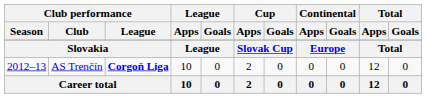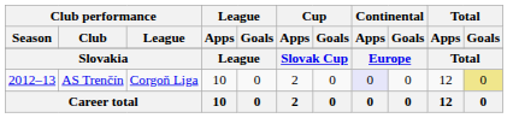 <table class="wikitable" style="text-align:center">
 <tr>
 <th colspan=3>Club performance</th>
 <th colspan=2>League</th>
 <th colspan=2>Cup</th>
 <th colspan=2>Continental</th>
 <th colspan=2>Total</th>
 </tr>
 <tr>
 <th>Season</th>
 <th>Club</th>
 <th>League</th>
 <th>Apps</th>
 <th>Goals</th>
 <th>Apps</th>
 <th>Goals</th>
 <th>Apps</th>
 <th>Goals</th>
 <th>Apps</th>
 <th>Goals</th>
 </tr>
 <tr>
 </tr>
 <tr>
 <th colspan=3>Slovakia</th>
 <th colspan=2>League</th>
 <th colspan=2><a href='#'>Slovak Cup</a></th>
 <th colspan=2><a href='#'>Europe</a></th>
 <th colspan=2>Total</th>
 </tr>
 <tr>
 <td><a href='#'>2012–13</a></td>
 <td rowspan="1"><a href='#'>AS Trenčín</a></td>
-<td rowspan="1"><strong><a href='#'>Corgoň Liga</a></strong></td>
+<td rowspan="1"><a href='#'>Corgoň Liga</a></td>
 <td>10</td>
 <td>0</td>
 <td>2</td>
 <td>0</td>
-<td>0</td>
+<td style="background: lavender;">0</td>
 <td>0</td>
 <td>12</td>
-<td>0</td>
+<td style="background: khaki;">0</td>
 </tr>
 <tr>
 <th colspan=3>Career total</th>
 <th>10</th>
 <th>0</th>
 <th>2</th>
 <th>0</th>
 <th>0</th>
 <th>0</th>
 <th>12</th>
 <th>0</th>
 </tr>
 </table>
